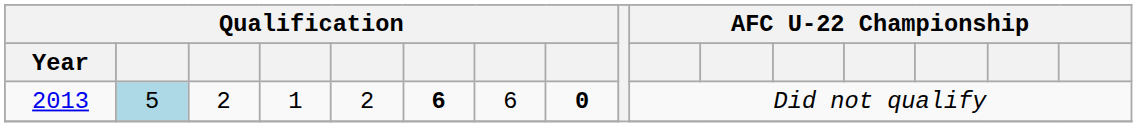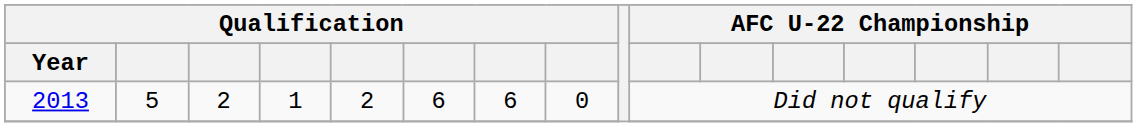 <table class="wikitable" style="text-align: center;">
 <tr>
 <th colspan=8>Qualification</th>
 <th style="width:1%;" rowspan="22"></th>
 <th colspan=7>AFC U-22 Championship</th>
 </tr>
 <tr>
 <th width=50>Year</th>
 <th width=30></th>
 <th width=30></th>
 <th width=30></th>
 <th width=30></th>
 <th width=30></th>
 <th width=30></th>
 <th width=30></th>
 <th width=30></th>
 <th width=30></th>
 <th width=30></th>
 <th width=30></th>
 <th width=30></th>
 <th width=30></th>
 <th width=30></th>
 </tr>
 <tr>
 <td> <a href='#'>2013</a></td>
-<td style="background: lightblue;">5</td>
+<td>5</td>
 <td>2</td>
 <td>1</td>
 <td>2</td>
-<td><strong>6</strong></td>
 <td>6</td>
-<td><strong>0</strong></td>
+<td>6</td>
+<td>0</td>
 <td colspan=8><em>Did not qualify</em></td>
 </tr>
 <tr>
 </tr>
 </table>
